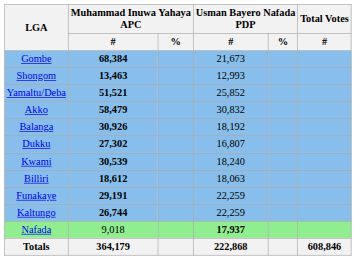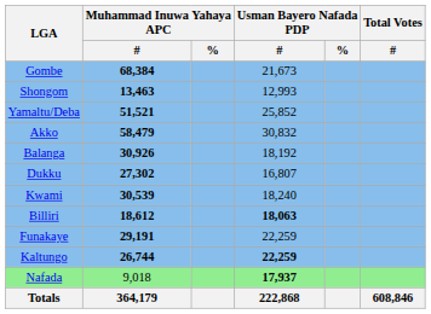 <table class="wikitable sortable" style=" font-size: 95%">
 <tr>
 <th rowspan="2">LGA</th>
 <th colspan="2">Muhammad Inuwa Yahaya<br>APC</th>
 <th colspan="2">Usman Bayero Nafada<br>PDP</th>
 <th>Total Votes</th>
 </tr>
 <tr>
 <th>#</th>
 <th>%</th>
 <th>#</th>
 <th>%</th>
 <th>#</th>
 </tr>
 <tr>
 <td bgcolor=#87BEEB align="center"><a href='#'>Gombe</a></td>
 <td bgcolor=#87BEEB align="center"><strong>68,384</strong></td>
 <td bgcolor=#87BEEB align="center"></td>
 <td bgcolor=#87BEEB align="center">21,673</td>
 <td bgcolor=#87BEEB align="center"></td>
 <td bgcolor=#87BEEB align="center"></td>
 </tr>
 <tr>
 <td bgcolor=#87BEEB align="center"><a href='#'>Shongom</a></td>
 <td bgcolor=#87BEEB align="center"><strong>13,463</strong></td>
 <td bgcolor=#87BEEB align="center"></td>
 <td bgcolor=#87BEEB align="center">12,993</td>
 <td bgcolor=#87BEEB align="center"></td>
 <td bgcolor=#87BEEB align="center"></td>
 </tr>
 <tr>
 <td bgcolor=#87BEEB align="center"><a href='#'>Yamaltu/Deba</a></td>
 <td bgcolor=#87BEEB align="center"><strong>51,521</strong></td>
 <td bgcolor=#87BEEB align="center"></td>
 <td bgcolor=#87BEEB align="center">25,852</td>
 <td bgcolor=#87BEEB align="center"></td>
 <td bgcolor=#87BEEB align="center"></td>
 </tr>
 <tr>
 <td bgcolor=#87BEEB align="center"><a href='#'>Akko</a></td>
 <td bgcolor=#87BEEB align="center"><strong>58,479</strong></td>
 <td bgcolor=#87BEEB align="center"></td>
 <td bgcolor=#87BEEB align="center">30,832</td>
 <td bgcolor=#87BEEB align="center"></td>
 <td bgcolor=#87BEEB align="center"></td>
 </tr>
 <tr>
 <td bgcolor=#87BEEB align="center"><a href='#'>Balanga</a></td>
 <td bgcolor=#87BEEB align="center"><strong>30,926</strong></td>
 <td bgcolor=#87BEEB align="center"></td>
 <td bgcolor=#87BEEB align="center">18,192</td>
 <td bgcolor=#87BEEB align="center"></td>
 <td bgcolor=#87BEEB align="center"></td>
 </tr>
 <tr>
 <td bgcolor=#87BEEB align="center"><a href='#'>Dukku</a></td>
 <td bgcolor=#87BEEB align="center"><strong>27,302</strong></td>
 <td bgcolor=#87BEEB align="center"></td>
 <td bgcolor=#87BEEB align="center">16,807</td>
 <td bgcolor=#87BEEB align="center"></td>
 <td bgcolor=#87BEEB align="center"></td>
 </tr>
 <tr>
 <td bgcolor=#87BEEB align="center"><a href='#'>Kwami</a></td>
 <td bgcolor=#87BEEB align="center"><strong>30,539</strong></td>
 <td bgcolor=#87BEEB align="center"></td>
 <td bgcolor=#87BEEB align="center">18,240</td>
 <td bgcolor=#87BEEB align="center"></td>
 <td bgcolor=#87BEEB align="center"></td>
 </tr>
 <tr>
 <td bgcolor=#87BEEB align="center"><a href='#'>Billiri</a></td>
 <td bgcolor=#87BEEB align="center"><strong>18,612</strong></td>
 <td bgcolor=#87BEEB align="center"></td>
-<td bgcolor=#87BEEB align="center">18,063</td>
+<td bgcolor=#87BEEB align="center"><strong>18,063</strong></td>
 <td bgcolor=#87BEEB align="center"></td>
 <td bgcolor=#87BEEB align="center"></td>
 </tr>
 <tr>
 <td bgcolor=#87BEEB align="center"><a href='#'>Funakaye</a></td>
 <td bgcolor=#87BEEB align="center"><strong>29,191</strong></td>
 <td bgcolor=#87BEEB align="center"></td>
 <td bgcolor=#87BEEB align="center">22,259</td>
 <td bgcolor=#87BEEB align="center"></td>
 <td bgcolor=#87BEEB align="center"></td>
 </tr>
 <tr>
 <td bgcolor=#87BEEB align="center"><a href='#'>Kaltungo</a></td>
 <td bgcolor=#87BEEB align="center"><strong>26,744</strong></td>
 <td bgcolor=#87BEEB align="center"></td>
-<td bgcolor=#87BEEB align="center">22,259</td>
+<td bgcolor=#87BEEB align="center"><strong>22,259</strong></td>
 <td bgcolor=#87BEEB align="center"></td>
 <td bgcolor=#87BEEB align="center"></td>
 </tr>
 <tr>
 <td bgcolor=#90EE90 align="center"><a href='#'>Nafada</a></td>
 <td bgcolor=#90EE90 align="center">9,018</td>
 <td bgcolor=#90EE90 align="center"></td>
 <td bgcolor=#90EE90 align="center"><strong>17,937</strong></td>
 <td bgcolor=#90EE90 align="center"></td>
 <td bgcolor=#90EE90 align="center"></td>
 </tr>
 <tr>
 <th>Totals</th>
 <th><strong>364,179</strong></th>
 <th></th>
 <th><strong>222,868</strong></th>
 <th></th>
 <th>608,846</th>
 </tr>
 </table>
